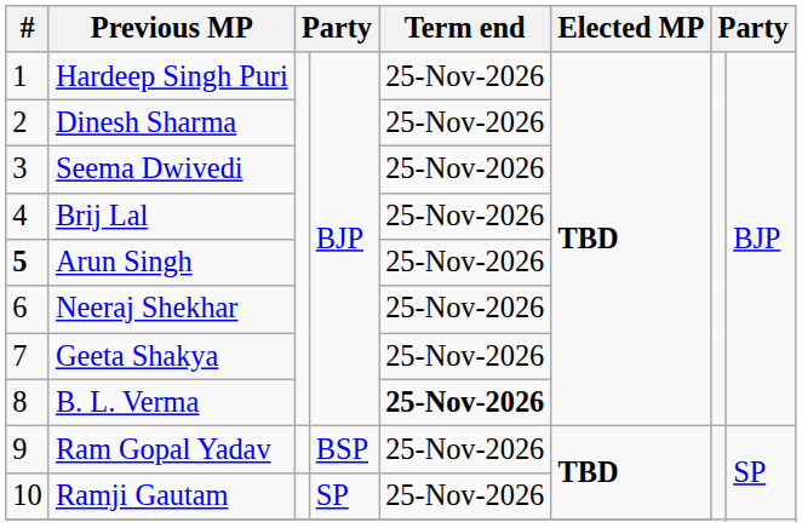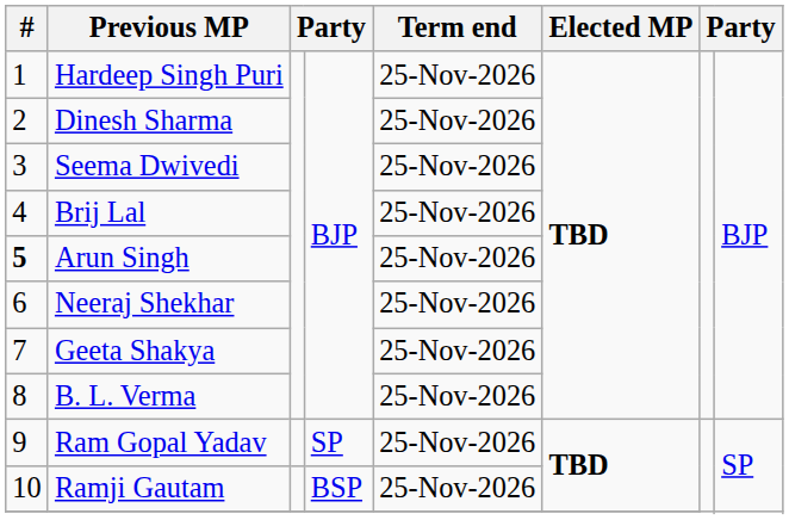 <table class="wikitable sortable">
 <tr>
 <th>#</th>
 <th>Previous MP</th>
 <th colspan="2">Party</th>
 <th>Term end</th>
 <th>Elected MP</th>
 <th colspan="2">Party</th>
 </tr>
 <tr>
 <td>1</td>
 <td><a href='#'>Hardeep Singh Puri</a></td>
 <td rowspan=8></td>
 <td rowspan="8"><a href='#'>BJP</a></td>
 <td>25-Nov-2026</td>
 <td rowspan="8"><strong>TBD</strong></td>
 <td rowspan=8></td>
 <td rowspan="8"><a href='#'>BJP</a></td>
 </tr>
 <tr>
 <td>2</td>
 <td><a href='#'>Dinesh Sharma</a></td>
 <td>25-Nov-2026</td>
 </tr>
 <tr>
 <td>3</td>
 <td><a href='#'>Seema Dwivedi</a></td>
 <td>25-Nov-2026</td>
 </tr>
 <tr>
 <td>4</td>
 <td><a href='#'>Brij Lal</a></td>
 <td>25-Nov-2026</td>
 </tr>
 <tr>
 <td><strong>5</strong></td>
 <td><a href='#'>Arun Singh</a></td>
 <td>25-Nov-2026</td>
 </tr>
 <tr>
 <td>6</td>
 <td><a href='#'>Neeraj Shekhar</a></td>
 <td>25-Nov-2026</td>
 </tr>
 <tr>
 <td>7</td>
 <td><a href='#'>Geeta Shakya</a></td>
 <td>25-Nov-2026</td>
 </tr>
 <tr>
 <td>8</td>
 <td><a href='#'>B. L. Verma</a></td>
-<td><strong>25-Nov-2026</strong></td>
+<td>25-Nov-2026</td>
 </tr>
 <tr>
 <td>9</td>
 <td><a href='#'>Ram Gopal Yadav</a></td>
 <td></td>
-<td><a href='#'>BSP</a></td>
+<td><a href='#'>SP</a></td>
 <td>25-Nov-2026</td>
 <td rowspan="2"><strong>TBD</strong></td>
 <td rowspan=8></td>
 <td rowspan="8"><a href='#'>SP</a></td>
 </tr>
 <tr>
 <td>10</td>
 <td><a href='#'>Ramji Gautam</a></td>
 <td></td>
-<td><a href='#'>SP</a></td>
+<td><a href='#'>BSP</a></td>
 <td>25-Nov-2026</td>
 </tr>
 <tr>
 </tr>
 </table>
